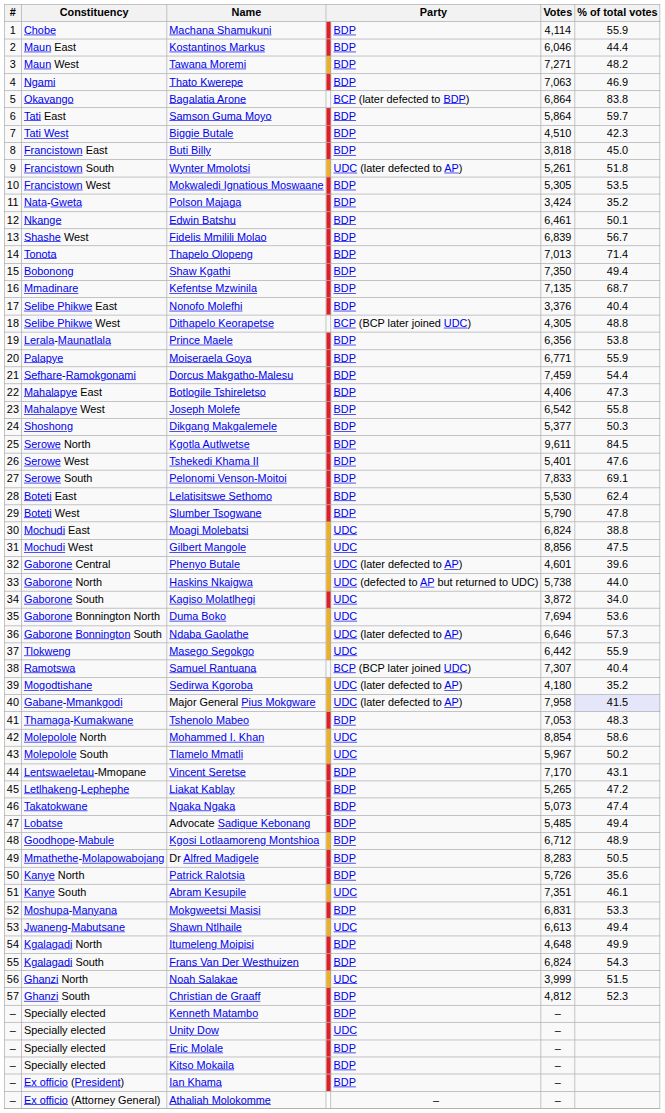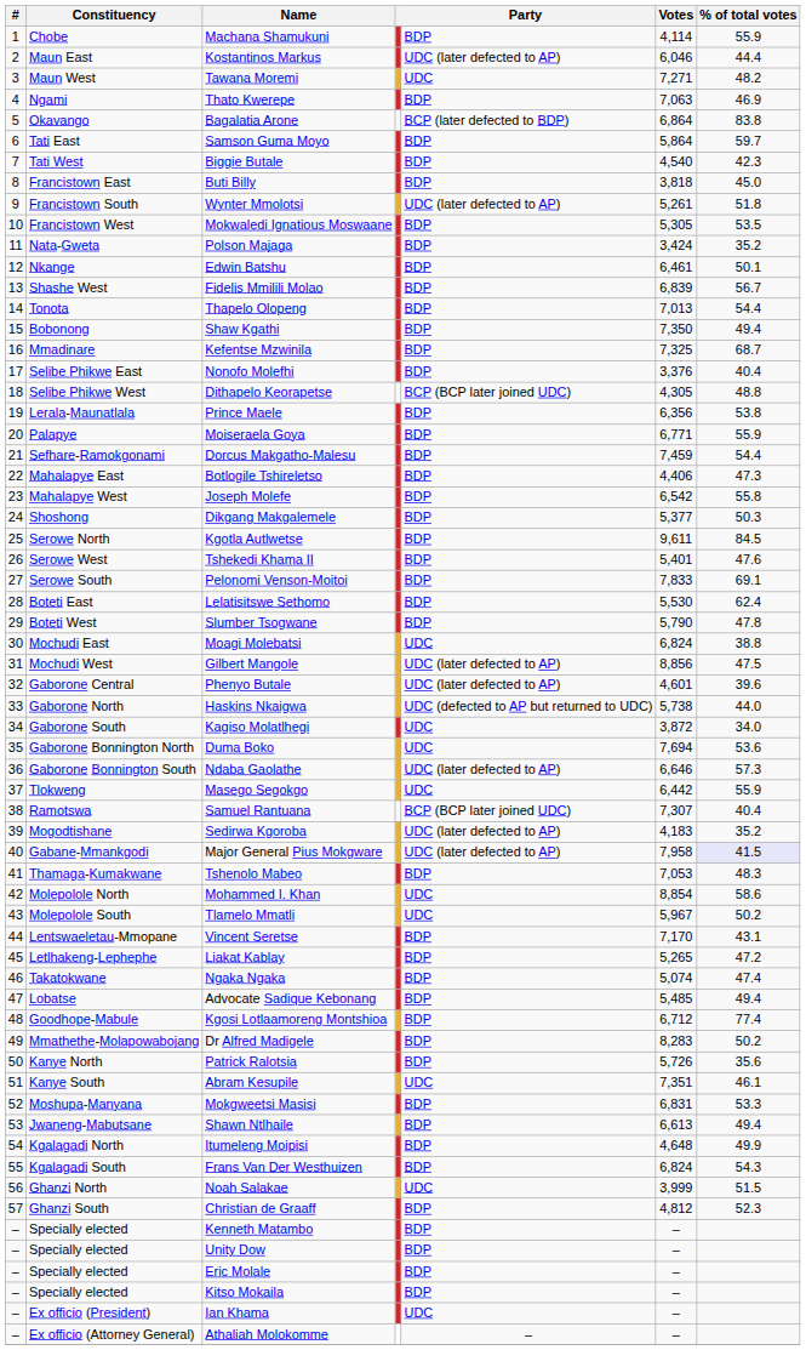 <table class="wikitable sortable">
 <tr>
 <th class="unsortable">#</th>
 <th>Constituency</th>
 <th>Name</th>
 <th colspan=2>Party</th>
 <th data-sort-type="number">Votes</th>
 <th data-sort-type="number">% of total votes</th>
 </tr>
 <tr>
 <td align="center">1</td>
 <td><a href='#'>Chobe</a></td>
 <td><a href='#'>Machana Shamukuni</a></td>
 <td style="background:#E11E26"></td>
 <td><a href='#'>BDP</a></td>
 <td align="center">4,114</td>
 <td align="center">55.9</td>
 </tr>
 <tr>
 <td align="center">2</td>
 <td><a href='#'>Maun</a> East</td>
 <td><a href='#'>Kostantinos Markus</a></td>
 <td style="background:#E11E26"></td>
-<td><a href='#'>BDP</a></td>
+<td><a href='#'>UDC</a> (later defected to <a href='#'>AP</a>)</td>
 <td align="center">6,046</td>
 <td align="center">44.4</td>
 </tr>
 <tr>
 <td align="center">3</td>
 <td><a href='#'>Maun</a> West</td>
 <td><a href='#'>Tawana Moremi</a></td>
 <td style="background:#EEB01F"></td>
-<td><a href='#'>BDP</a></td>
+<td><a href='#'>UDC</a></td>
 <td align="center">7,271</td>
 <td align="center">48.2</td>
 </tr>
 <tr>
 <td align="center">4</td>
 <td><a href='#'>Ngami</a></td>
 <td><a href='#'>Thato Kwerepe</a></td>
 <td style="background:#E11E26"></td>
 <td><a href='#'>BDP</a></td>
 <td align="center">7,063</td>
 <td align="center">46.9</td>
 </tr>
 <tr>
 <td align="center">5</td>
 <td><a href='#'>Okavango</a></td>
 <td><a href='#'>Bagalatia Arone</a></td>
 <td style="background:"></td>
 <td><a href='#'>BCP</a> (later defected to <a href='#'>BDP</a>)</td>
 <td align="center">6,864</td>
 <td align="center">83.8</td>
 </tr>
 <tr>
 <td align="center">6</td>
 <td><a href='#'>Tati</a> East</td>
 <td><a href='#'>Samson Guma Moyo</a></td>
 <td style="background:#E11E26"></td>
 <td><a href='#'>BDP</a></td>
 <td align="center">5,864</td>
 <td align="center">59.7</td>
 </tr>
 <tr>
 <td align="center">7</td>
 <td><a href='#'>Tati West</a></td>
 <td><a href='#'>Biggie Butale</a></td>
 <td style="background:#E11E26"></td>
 <td><a href='#'>BDP</a></td>
-<td align="center">4,510</td>
+<td align="center">4,540</td>
 <td align="center">42.3</td>
 </tr>
 <tr>
 <td align="center">8</td>
 <td><a href='#'>Francistown</a> East</td>
 <td><a href='#'>Buti Billy</a></td>
 <td style="background:#E11E26"></td>
 <td><a href='#'>BDP</a></td>
 <td align="center">3,818</td>
 <td align="center">45.0</td>
 </tr>
 <tr>
 <td align="center">9</td>
 <td><a href='#'>Francistown</a> South</td>
 <td><a href='#'>Wynter Mmolotsi</a></td>
 <td style="background:#EEB01F"></td>
 <td><a href='#'>UDC</a> (later defected to <a href='#'>AP</a>)</td>
 <td align="center">5,261</td>
 <td align="center">51.8</td>
 </tr>
 <tr>
 <td align="center">10</td>
 <td><a href='#'>Francistown</a> West</td>
 <td><a href='#'>Mokwaledi Ignatious Moswaane</a></td>
 <td style="background:#E11E26"></td>
 <td><a href='#'>BDP</a></td>
 <td align="center">5,305</td>
 <td align="center">53.5</td>
 </tr>
 <tr>
 <td align="center">11</td>
 <td><a href='#'>Nata</a>-<a href='#'>Gweta</a></td>
 <td><a href='#'>Polson Majaga</a></td>
 <td style="background:#E11E26"></td>
 <td><a href='#'>BDP</a></td>
 <td align="center">3,424</td>
 <td align="center">35.2</td>
 </tr>
 <tr>
 <td align="center">12</td>
 <td><a href='#'>Nkange</a></td>
 <td><a href='#'>Edwin Batshu</a></td>
 <td style="background:#E11E26"></td>
 <td><a href='#'>BDP</a></td>
 <td align="center">6,461</td>
 <td align="center">50.1</td>
 </tr>
 <tr>
 <td align="center">13</td>
 <td><a href='#'>Shashe</a> West</td>
 <td><a href='#'>Fidelis Mmilili Molao</a></td>
 <td style="background:#E11E26"></td>
 <td><a href='#'>BDP</a></td>
 <td align="center">6,839</td>
 <td align="center">56.7</td>
 </tr>
 <tr>
 <td align="center">14</td>
 <td><a href='#'>Tonota</a></td>
 <td><a href='#'>Thapelo Olopeng</a></td>
 <td style="background:#E11E26"></td>
 <td><a href='#'>BDP</a></td>
 <td align="center">7,013</td>
-<td align="center">71.4</td>
+<td align="center">54.4</td>
 </tr>
 <tr>
 <td align="center">15</td>
 <td><a href='#'>Bobonong</a></td>
 <td><a href='#'>Shaw Kgathi</a></td>
 <td style="background:#E11E26"></td>
 <td><a href='#'>BDP</a></td>
 <td align="center">7,350</td>
 <td align="center">49.4</td>
 </tr>
 <tr>
 <td align="center">16</td>
 <td><a href='#'>Mmadinare</a></td>
 <td><a href='#'>Kefentse Mzwinila</a></td>
 <td style="background:#E11E26"></td>
 <td><a href='#'>BDP</a></td>
-<td align="center">7,135</td>
+<td align="center">7,325</td>
 <td align="center">68.7</td>
 </tr>
 <tr>
 <td align="center">17</td>
 <td><a href='#'>Selibe Phikwe</a> East</td>
 <td><a href='#'>Nonofo Molefhi</a></td>
 <td style="background:#E11E26"></td>
 <td><a href='#'>BDP</a></td>
 <td align="center">3,376</td>
 <td align="center">40.4</td>
 </tr>
 <tr>
 <td align="center">18</td>
 <td><a href='#'>Selibe Phikwe</a> West</td>
 <td><a href='#'>Dithapelo Keorapetse</a></td>
 <td style="background:"></td>
 <td><a href='#'>BCP</a> (BCP later joined <a href='#'>UDC</a>)</td>
 <td align="center">4,305</td>
 <td align="center">48.8</td>
 </tr>
 <tr>
 <td align="center">19</td>
 <td><a href='#'>Lerala</a>-<a href='#'>Maunatlala</a></td>
 <td><a href='#'>Prince Maele</a></td>
 <td style="background:#E11E26"></td>
 <td><a href='#'>BDP</a></td>
 <td align="center">6,356</td>
 <td align="center">53.8</td>
 </tr>
 <tr>
 <td align="center">20</td>
 <td><a href='#'>Palapye</a></td>
 <td><a href='#'>Moiseraela Goya</a></td>
 <td style="background:#E11E26"></td>
 <td><a href='#'>BDP</a></td>
 <td align="center">6,771</td>
 <td align="center">55.9</td>
 </tr>
 <tr>
 <td align="center">21</td>
 <td><a href='#'>Sefhare</a>-<a href='#'>Ramokgonami</a></td>
 <td><a href='#'>Dorcus Makgatho-Malesu</a></td>
 <td style="background:#E11E26"></td>
 <td><a href='#'>BDP</a></td>
 <td align="center">7,459</td>
 <td align="center">54.4</td>
 </tr>
 <tr>
 <td align="center">22</td>
 <td><a href='#'>Mahalapye</a> East</td>
 <td><a href='#'>Botlogile Tshireletso</a></td>
 <td style="background:#E11E26"></td>
 <td><a href='#'>BDP</a></td>
 <td align="center">4,406</td>
 <td align="center">47.3</td>
 </tr>
 <tr>
 <td align="center">23</td>
 <td><a href='#'>Mahalapye</a> West</td>
 <td><a href='#'>Joseph Molefe</a></td>
 <td style="background:#E11E26"></td>
 <td><a href='#'>BDP</a></td>
 <td align="center">6,542</td>
 <td align="center">55.8</td>
 </tr>
 <tr>
 <td align="center">24</td>
 <td><a href='#'>Shoshong</a></td>
 <td><a href='#'>Dikgang Makgalemele</a></td>
 <td style="background:#E11E26"></td>
 <td><a href='#'>BDP</a></td>
 <td align="center">5,377</td>
 <td align="center">50.3</td>
 </tr>
 <tr>
 <td align="center">25</td>
 <td><a href='#'>Serowe</a> North</td>
 <td><a href='#'>Kgotla Autlwetse</a></td>
 <td style="background:#E11E26"></td>
 <td><a href='#'>BDP</a></td>
 <td align="center">9,611</td>
 <td align="center">84.5</td>
 </tr>
 <tr>
 <td align="center">26</td>
 <td><a href='#'>Serowe</a> West</td>
 <td><a href='#'>Tshekedi Khama II</a></td>
 <td style="background:#E11E26"></td>
 <td><a href='#'>BDP</a></td>
 <td align="center">5,401</td>
 <td align="center">47.6</td>
 </tr>
 <tr>
 <td align="center">27</td>
 <td><a href='#'>Serowe</a> South</td>
 <td><a href='#'>Pelonomi Venson-Moitoi</a></td>
 <td style="background:#E11E26"></td>
 <td><a href='#'>BDP</a></td>
 <td align="center">7,833</td>
 <td align="center">69.1</td>
 </tr>
 <tr>
 <td align="center">28</td>
 <td><a href='#'>Boteti</a> East</td>
 <td><a href='#'>Lelatisitswe Sethomo</a></td>
 <td style="background:#E11E26"></td>
 <td><a href='#'>BDP</a></td>
 <td align="center">5,530</td>
 <td align="center">62.4</td>
 </tr>
 <tr>
 <td align="center">29</td>
 <td><a href='#'>Boteti</a> West</td>
 <td><a href='#'>Slumber Tsogwane</a></td>
 <td style="background:#E11E26"></td>
 <td><a href='#'>BDP</a></td>
 <td align="center">5,790</td>
 <td align="center">47.8</td>
 </tr>
 <tr>
 <td align="center">30</td>
 <td><a href='#'>Mochudi</a> East</td>
 <td><a href='#'>Moagi Molebatsi</a></td>
 <td style="background:#EEB01F"></td>
 <td><a href='#'>UDC</a></td>
 <td align="center">6,824</td>
 <td align="center">38.8</td>
 </tr>
 <tr>
 <td align="center">31</td>
 <td><a href='#'>Mochudi</a> West</td>
 <td><a href='#'>Gilbert Mangole</a></td>
 <td style="background:#EEB01F"></td>
-<td><a href='#'>UDC</a></td>
+<td><a href='#'>UDC</a> (later defected to <a href='#'>AP</a>)</td>
 <td align="center">8,856</td>
 <td align="center">47.5</td>
 </tr>
 <tr>
 <td align="center">32</td>
 <td><a href='#'>Gaborone</a> Central</td>
 <td><a href='#'>Phenyo Butale</a></td>
 <td style="background:#EEB01F"></td>
 <td><a href='#'>UDC</a> (later defected to <a href='#'>AP</a>)</td>
 <td align="center">4,601</td>
 <td align="center">39.6</td>
 </tr>
 <tr>
 <td align="center">33</td>
 <td><a href='#'>Gaborone</a> North</td>
 <td><a href='#'>Haskins Nkaigwa</a></td>
 <td style="background:#EEB01F"></td>
 <td><a href='#'>UDC</a> (defected to <a href='#'>AP</a> but returned to UDC)</td>
 <td align="center">5,738</td>
 <td align="center">44.0</td>
 </tr>
 <tr>
 <td align="center">34</td>
 <td><a href='#'>Gaborone</a> South</td>
 <td><a href='#'>Kagiso Molatlhegi</a></td>
 <td style="background:#E11E26"></td>
 <td><a href='#'>UDC</a></td>
 <td align="center">3,872</td>
 <td align="center">34.0</td>
 </tr>
 <tr>
 <td align="center">35</td>
 <td><a href='#'>Gaborone</a> Bonnington North</td>
 <td><a href='#'>Duma Boko</a></td>
 <td style="background:#EEB01F"></td>
 <td><a href='#'>UDC</a></td>
 <td align="center">7,694</td>
 <td align="center">53.6</td>
 </tr>
 <tr>
 <td align="center">36</td>
 <td><a href='#'>Gaborone</a> <a href='#'>Bonnington</a> South</td>
 <td><a href='#'>Ndaba Gaolathe</a></td>
 <td style="background:#EEB01F"></td>
 <td><a href='#'>UDC</a> (later defected to <a href='#'>AP</a>)</td>
 <td align="center">6,646</td>
 <td align="center">57.3</td>
 </tr>
 <tr>
 <td align="center">37</td>
 <td><a href='#'>Tlokweng</a></td>
 <td><a href='#'>Masego Segokgo</a></td>
 <td style="background:#EEB01F"></td>
 <td><a href='#'>UDC</a></td>
 <td align="center">6,442</td>
 <td align="center">55.9</td>
 </tr>
 <tr>
 <td align="center">38</td>
 <td><a href='#'>Ramotswa</a></td>
 <td><a href='#'>Samuel Rantuana</a></td>
 <td style="background:"></td>
 <td><a href='#'>BCP</a> (BCP later joined <a href='#'>UDC</a>)</td>
 <td align="center">7,307</td>
 <td align="center">40.4</td>
 </tr>
 <tr>
 <td align="center">39</td>
 <td><a href='#'>Mogodtishane</a></td>
 <td><a href='#'>Sedirwa Kgoroba</a></td>
 <td style="background:#EEB01F"></td>
 <td><a href='#'>UDC</a> (later defected to <a href='#'>AP</a>)</td>
-<td align="center">4,180</td>
+<td align="center">4,183</td>
 <td align="center">35.2</td>
 </tr>
 <tr>
 <td align="center">40</td>
 <td><a href='#'>Gabane</a>-<a href='#'>Mmankgodi</a></td>
 <td>Major General <a href='#'>Pius Mokgware</a></td>
 <td style="background:#EEB01F"></td>
 <td><a href='#'>UDC</a> (later defected to <a href='#'>AP</a>)</td>
 <td align="center">7,958</td>
 <td align="center" style="background: lavender;">41.5</td>
 </tr>
 <tr>
 <td align="center">41</td>
 <td><a href='#'>Thamaga</a>-<a href='#'>Kumakwane</a></td>
 <td><a href='#'>Tshenolo Mabeo</a></td>
 <td style="background:#E11E26"></td>
 <td><a href='#'>BDP</a></td>
 <td align="center">7,053</td>
 <td align="center">48.3</td>
 </tr>
 <tr>
 <td align="center">42</td>
 <td><a href='#'>Molepolole</a> North</td>
 <td><a href='#'>Mohammed I. Khan</a></td>
 <td style="background:#EEB01F"></td>
 <td><a href='#'>UDC</a></td>
 <td align="center">8,854</td>
 <td align="center">58.6</td>
 </tr>
 <tr>
 <td align="center">43</td>
 <td><a href='#'>Molepolole</a> South</td>
 <td><a href='#'>Tlamelo Mmatli</a></td>
 <td style="background:#EEB01F"></td>
 <td><a href='#'>UDC</a></td>
 <td align="center">5,967</td>
 <td align="center">50.2</td>
 </tr>
 <tr>
 <td align="center">44</td>
 <td><a href='#'>Lentswaeletau</a>-Mmopane</td>
 <td><a href='#'>Vincent Seretse</a></td>
 <td style="background:#E11E26"></td>
 <td><a href='#'>BDP</a></td>
 <td align="center">7,170</td>
 <td align="center">43.1</td>
 </tr>
 <tr>
 <td align="center">45</td>
 <td><a href='#'>Letlhakeng</a>-<a href='#'>Lephephe</a></td>
 <td><a href='#'>Liakat Kablay</a></td>
 <td style="background:#E11E26"></td>
 <td><a href='#'>BDP</a></td>
 <td align="center">5,265</td>
 <td align="center">47.2</td>
 </tr>
 <tr>
 <td align="center">46</td>
 <td><a href='#'>Takatokwane</a></td>
 <td><a href='#'>Ngaka Ngaka</a></td>
 <td style="background:#E11E26"></td>
 <td><a href='#'>BDP</a></td>
-<td align="center">5,073</td>
+<td align="center">5,074</td>
 <td align="center">47.4</td>
 </tr>
 <tr>
 <td align="center">47</td>
 <td><a href='#'>Lobatse</a></td>
 <td>Advocate <a href='#'>Sadique Kebonang</a></td>
 <td style="background:#E11E26"></td>
 <td><a href='#'>BDP</a></td>
 <td align="center">5,485</td>
 <td align="center">49.4</td>
 </tr>
 <tr>
 <td align="center">48</td>
 <td><a href='#'>Goodhope</a>-<a href='#'>Mabule</a></td>
 <td><a href='#'>Kgosi Lotlaamoreng Montshioa</a></td>
 <td style="background:#EEB01F"></td>
 <td><a href='#'>BDP</a></td>
 <td align="center">6,712</td>
-<td align="center">48.9</td>
+<td align="center">77.4</td>
 </tr>
 <tr>
 <td align="center">49</td>
 <td><a href='#'>Mmathethe</a>-<a href='#'>Molapowabojang</a></td>
 <td>Dr <a href='#'>Alfred Madigele</a></td>
 <td style="background:#E11E26"></td>
 <td><a href='#'>BDP</a></td>
 <td align="center">8,283</td>
-<td align="center">50.5</td>
+<td align="center">50.2</td>
 </tr>
 <tr>
 <td align="center">50</td>
 <td><a href='#'>Kanye</a> North</td>
 <td><a href='#'>Patrick Ralotsia</a></td>
 <td style="background:#E11E26"></td>
 <td><a href='#'>BDP</a></td>
 <td align="center">5,726</td>
 <td align="center">35.6</td>
 </tr>
 <tr>
 <td align="center">51</td>
 <td><a href='#'>Kanye</a> South</td>
 <td><a href='#'>Abram Kesupile</a></td>
 <td style="background:#EEB01F"></td>
 <td><a href='#'>UDC</a></td>
 <td align="center">7,351</td>
 <td align="center">46.1</td>
 </tr>
 <tr>
 <td align="center">52</td>
 <td><a href='#'>Moshupa</a>-<a href='#'>Manyana</a></td>
 <td><a href='#'>Mokgweetsi Masisi</a></td>
 <td style="background:#E11E26"></td>
 <td><a href='#'>BDP</a></td>
 <td align="center">6,831</td>
 <td align="center">53.3</td>
 </tr>
 <tr>
 <td align="center">53</td>
 <td><a href='#'>Jwaneng</a>-<a href='#'>Mabutsane</a></td>
 <td><a href='#'>Shawn Ntlhaile</a></td>
 <td style="background:#EEB01F"></td>
-<td><a href='#'>UDC</a></td>
+<td><a href='#'>BDP</a></td>
 <td align="center">6,613</td>
 <td align="center">49.4</td>
 </tr>
 <tr>
 <td align="center">54</td>
 <td><a href='#'>Kgalagadi</a> North</td>
 <td><a href='#'>Itumeleng Moipisi</a></td>
 <td style="background:#E11E26"></td>
 <td><a href='#'>BDP</a></td>
 <td align="center">4,648</td>
 <td align="center">49.9</td>
 </tr>
 <tr>
 <td align="center">55</td>
 <td><a href='#'>Kgalagadi</a> South</td>
 <td><a href='#'>Frans Van Der Westhuizen</a></td>
 <td style="background:#E11E26"></td>
 <td><a href='#'>BDP</a></td>
 <td align="center">6,824</td>
 <td align="center">54.3</td>
 </tr>
 <tr>
 <td align="center">56</td>
 <td><a href='#'>Ghanzi</a> North</td>
 <td><a href='#'>Noah Salakae</a></td>
 <td style="background:#EEB01F"></td>
 <td><a href='#'>UDC</a></td>
 <td align="center">3,999</td>
 <td align="center">51.5</td>
 </tr>
 <tr>
 <td align="center">57</td>
 <td><a href='#'>Ghanzi</a> South</td>
 <td><a href='#'>Christian de Graaff</a></td>
 <td style="background:#E11E26"></td>
 <td><a href='#'>BDP</a></td>
 <td align="center">4,812</td>
 <td align="center">52.3</td>
 </tr>
 <tr>
 <td align="center">–</td>
 <td>Specially elected</td>
 <td><a href='#'>Kenneth Matambo</a></td>
 <td style="background:#E11E26"></td>
 <td><a href='#'>BDP</a></td>
 <td align="center">–</td>
 <td align="center"></td>
 </tr>
 <tr>
 <td align="center">–</td>
 <td>Specially elected</td>
 <td><a href='#'>Unity Dow</a></td>
 <td style="background:#E11E26"></td>
-<td><a href='#'>UDC</a></td>
+<td><a href='#'>BDP</a></td>
 <td align="center">–</td>
 <td align="center"></td>
 </tr>
 <tr>
 <td align="center">–</td>
 <td>Specially elected</td>
 <td><a href='#'>Eric Molale </a></td>
 <td style="background:#E11E26"></td>
 <td><a href='#'>BDP</a></td>
 <td align="center">–</td>
 <td align="center"></td>
 </tr>
 <tr>
 <td align="center">–</td>
 <td>Specially elected</td>
 <td><a href='#'>Kitso Mokaila</a></td>
 <td style="background:#E11E26"></td>
 <td><a href='#'>BDP</a></td>
 <td align="center">–</td>
 <td align="center"></td>
 </tr>
 <tr>
 <td align="center">–</td>
 <td><a href='#'>Ex officio</a> (<a href='#'>President</a>)</td>
 <td><a href='#'>Ian Khama</a></td>
 <td style="background:#E11E26"></td>
-<td><a href='#'>BDP</a></td>
+<td><a href='#'>UDC</a></td>
 <td align="center">–</td>
 <td align="center"></td>
 </tr>
 <tr>
 <td align="center">–</td>
 <td><a href='#'>Ex officio</a> (Attorney General)</td>
 <td><a href='#'>Athaliah Molokomme</a></td>
 <td style="background:white"></td>
 <td align="center">–</td>
 <td align="center">–</td>
 <td align="center"></td>
 </tr>
 <tr>
 </tr>
 </table>
